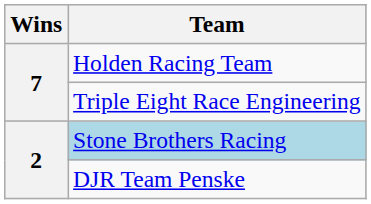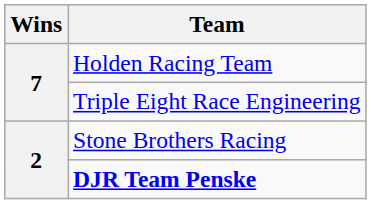 <table class="wikitable" style="font-size: 95%;">
 <tr>
 <th>Wins</th>
 <th>Team</th>
 </tr>
 <tr>
 <th rowspan="2">7</th>
 <td><a href='#'>Holden Racing Team</a></td>
 </tr>
 <tr>
 <td><a href='#'>Triple Eight Race Engineering</a></td>
 </tr>
 <tr>
 <th rowspan="2">2</th>
-<td style="background: lightblue;"><a href='#'>Stone Brothers Racing</a></td>
+<td><a href='#'>Stone Brothers Racing</a></td>
 </tr>
 <tr>
-<td><a href='#'>DJR Team Penske</a></td>
+<td><strong><a href='#'>DJR Team Penske</a></strong></td>
 </tr>
 </table>
